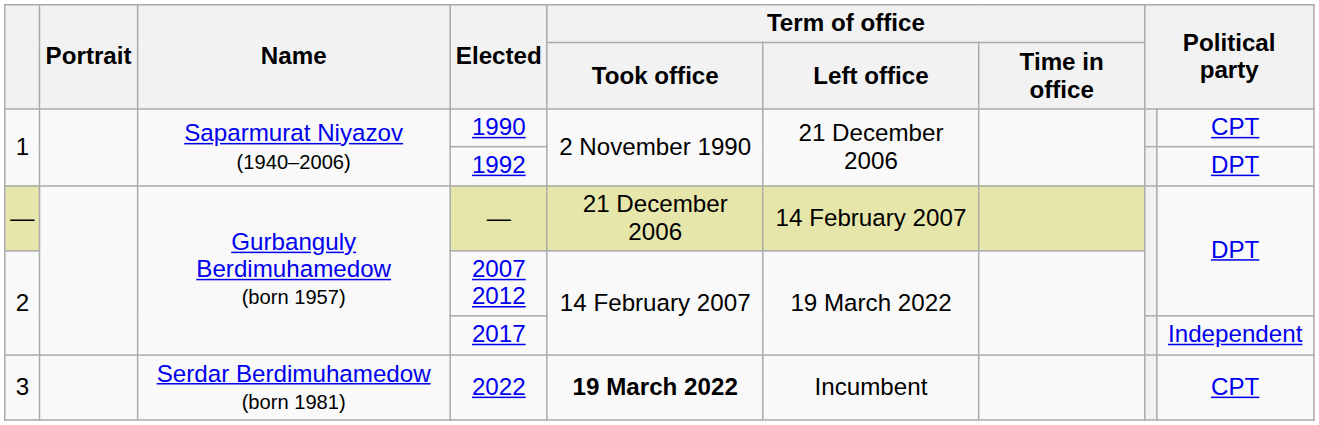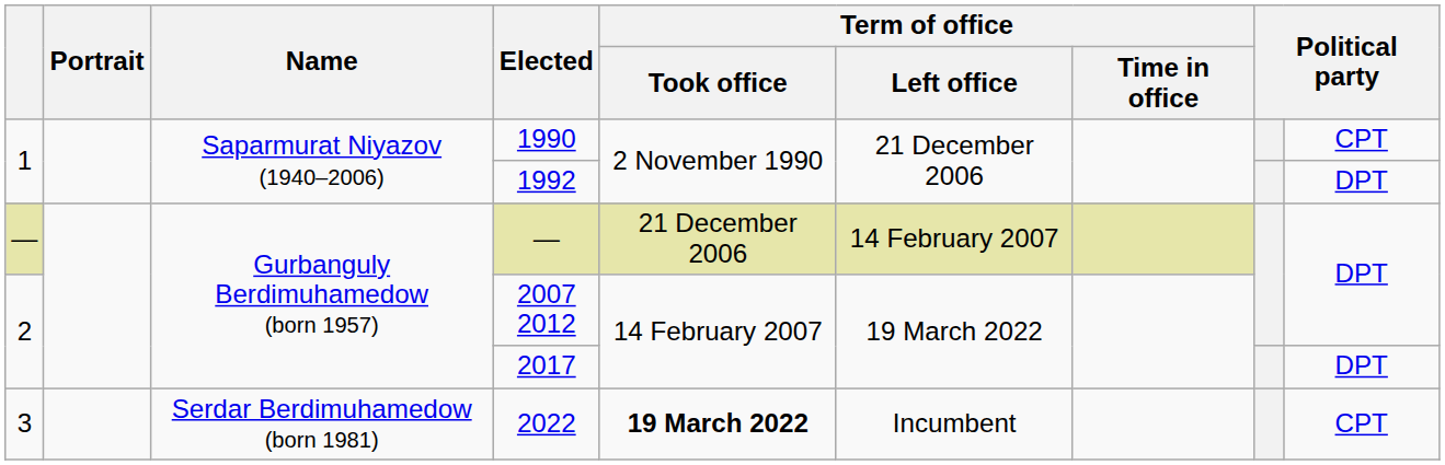 <table class="wikitable" style="text-align:center">
 <tr>
 <th rowspan="2"></th>
 <th rowspan="2">Portrait</th>
 <th rowspan="2" width="200">Name<br></th>
 <th rowspan="2">Elected</th>
 <th colspan="3">Term of office</th>
 <th colspan="2" rowspan="2">Political party</th>
 </tr>
 <tr>
 <th>Took office</th>
 <th>Left office</th>
 <th>Time in office</th>
 </tr>
 <tr>
 <td rowspan=2>1</td>
 <td rowspan="2"></td>
 <td rowspan="2"><a href='#'>Saparmurat Niyazov</a><br><small>(1940–2006)</small></td>
 <td><a href='#'>1990</a></td>
 <td rowspan="2">2 November 1990</td>
 <td rowspan="2">21 December 2006</td>
 <td rowspan="2"></td>
 <th style="background:"></th>
 <td><a href='#'>CPT</a><br></td>
 </tr>
 <tr>
 <td><a href='#'>1992</a><br></td>
 <th style="background:"></th>
 <td><a href='#'>DPT</a></td>
 </tr>
 <tr>
 <td style="background:#e6e6aa;">—</td>
 <td rowspan="3"></td>
 <td rowspan="3"><a href='#'>Gurbanguly Berdimuhamedow</a><br><small>(born 1957)</small></td>
 <td style="background:#e6e6aa;">—</td>
 <td style="background:#e6e6aa;">21 December 2006</td>
 <td style="background:#e6e6aa;">14 February 2007</td>
 <td style="background:#e6e6aa;"></td>
 <th rowspan="2" style="background:"></th>
 <td rowspan="2"><a href='#'>DPT</a><br></td>
 </tr>
 <tr>
 <td rowspan=2>2</td>
 <td><a href='#'>2007</a><br><a href='#'>2012</a></td>
 <td rowspan="2">14 February 2007</td>
 <td rowspan="2">19 March 2022</td>
 <td rowspan="2"></td>
 </tr>
 <tr>
 <td><a href='#'>2017</a></td>
 <th style="background:"></th>
-<td><a href='#'>Independent</a></td>
+<td><a href='#'>DPT</a></td>
 </tr>
 <tr>
 <td>3</td>
 <td></td>
 <td><a href='#'>Serdar Berdimuhamedow</a><br><small>(born 1981)</small></td>
 <td><a href='#'>2022</a></td>
 <td><strong>19 March 2022</strong></td>
 <td>Incumbent</td>
 <td></td>
 <th style="background:"></th>
 <td><a href='#'>CPT</a><br></td>
 </tr>
 </table>
